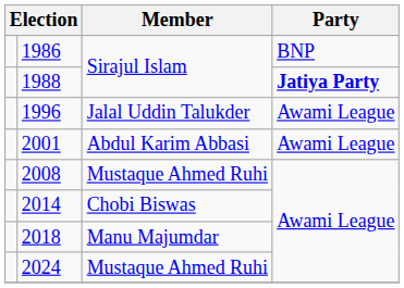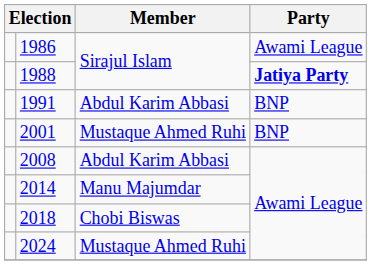 <table class="wikitable">
 <tr>
 <th colspan="2">Election</th>
 <th>Member</th>
 <th>Party</th>
 </tr>
 <tr>
 <td style="background-color:"></td>
 <td><a href='#'>1986</a></td>
 <td rowspan="2"><a href='#'>Sirajul Islam</a></td>
-<td><a href='#'>BNP</a></td>
+<td><a href='#'>Awami League</a></td>
 </tr>
 <tr>
 <td style="background-color:"></td>
 <td><a href='#'>1988</a></td>
 <td><strong><a href='#'>Jatiya Party</a></strong></td>
 </tr>
 <tr>
 <td style="background-color:"></td>
-<td><a href='#'>1996</a></td>
-<td><a href='#'>Jalal Uddin Talukder</a></td>
-<td><a href='#'>Awami League</a></td>
+<td><a href='#'>1991</a></td>
+<td><a href='#'>Abdul Karim Abbasi</a></td>
+<td><a href='#'>BNP</a></td>
 </tr>
 <tr>
 <td style="background-color:"></td>
 <td><a href='#'>2001</a></td>
-<td><a href='#'>Abdul Karim Abbasi</a></td>
-<td><a href='#'>Awami League</a></td>
+<td><a href='#'>Mustaque Ahmed Ruhi</a></td>
+<td><a href='#'>BNP</a></td>
 </tr>
 <tr>
 <td style="background-color:"></td>
 <td><a href='#'>2008</a></td>
-<td><a href='#'>Mustaque Ahmed Ruhi</a></td>
+<td><a href='#'>Abdul Karim Abbasi</a></td>
 <td rowspan="4"><a href='#'>Awami League</a></td>
 </tr>
 <tr>
 <td style="background-color:"></td>
 <td><a href='#'>2014</a></td>
-<td><a href='#'>Chobi Biswas</a></td>
+<td><a href='#'>Manu Majumdar</a></td>
 </tr>
 <tr>
 <td style="background-color:"></td>
 <td><a href='#'>2018</a></td>
-<td><a href='#'>Manu Majumdar</a></td>
+<td><a href='#'>Chobi Biswas</a></td>
 </tr>
 <tr>
 <td style="background-color:"></td>
 <td><a href='#'>2024</a></td>
 <td><a href='#'>Mustaque Ahmed Ruhi</a></td>
 </tr>
 <tr>
 </tr>
 </table>
